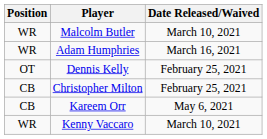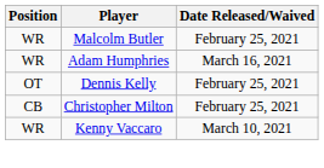 <table class="wikitable">
 <tr>
 <th>Position</th>
 <th>Player</th>
 <th>Date Released/Waived</th>
 </tr>
 <tr align="center">
 <td>WR</td>
 <td><a href='#'>Malcolm Butler</a></td>
-<td>March 10, 2021</td>
+<td>February 25, 2021</td>
 </tr>
 <tr align="center">
 <td>WR</td>
 <td><a href='#'>Adam Humphries</a></td>
 <td>March 16, 2021</td>
 </tr>
 <tr align="center">
 <td>OT</td>
 <td><a href='#'>Dennis Kelly</a></td>
 <td>February 25, 2021</td>
 </tr>
 <tr align="center">
 <td>CB</td>
 <td><a href='#'>Christopher Milton</a></td>
 <td>February 25, 2021</td>
 </tr>
 <tr align="center">
-<td>CB</td>
-<td><a href='#'>Kareem Orr</a></td>
-<td>May 6, 2021</td>
-</tr>
-<tr align="center">
 <td>WR</td>
 <td><a href='#'>Kenny Vaccaro</a></td>
 <td>March 10, 2021</td>
 </tr>
 </table>
